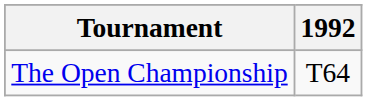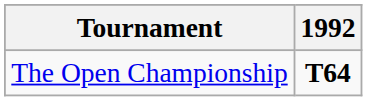 <table class="wikitable" style="font-size:95%;text-align:center;">
 <tr>
 <th>Tournament</th>
 <th>1992</th>
 </tr>
 <tr>
 <td align=left><a href='#'>The Open Championship</a></td>
-<td>T64</td>
+<td><strong>T64</strong></td>
 </tr>
 </table>
